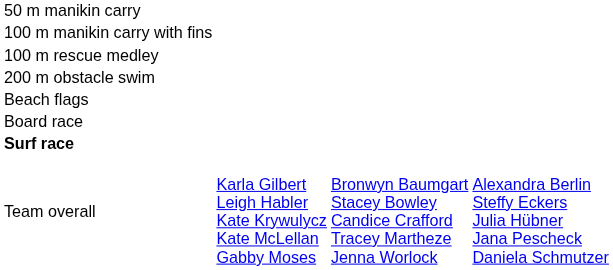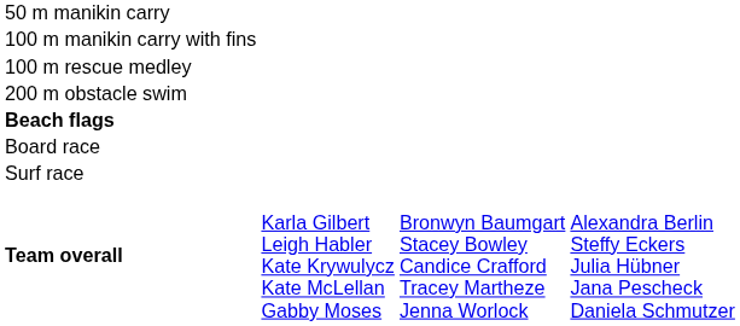 <table>
 <tr>
 <td>50 m manikin carry<br></td>
 <td></td>
 <td></td>
 <td></td>
 </tr>
 <tr>
 <td>100 m manikin carry with fins<br></td>
 <td></td>
 <td></td>
 <td></td>
 </tr>
 <tr>
 <td>100 m rescue medley<br></td>
 <td></td>
 <td></td>
 <td></td>
 </tr>
 <tr>
 <td>200 m obstacle swim<br></td>
 <td></td>
 <td></td>
 <td></td>
 </tr>
 <tr>
-<td>Beach flags<br></td>
+<td><strong>Beach flags<br></strong></td>
 <td></td>
 <td></td>
 <td></td>
 </tr>
 <tr>
 <td>Board race<br></td>
 <td></td>
 <td></td>
 <td></td>
 </tr>
 <tr>
-<td><strong>Surf race<br></strong></td>
+<td>Surf race<br></td>
 <td></td>
 <td></td>
 <td></td>
 </tr>
 <tr>
-<td>Team overall<br></td>
+<td><strong>Team overall<br></strong></td>
 <td><br><a href='#'>Karla Gilbert</a><br><a href='#'>Leigh Habler</a><br><a href='#'>Kate Krywulycz</a><br><a href='#'>Kate McLellan</a><br><a href='#'>Gabby Moses</a></td>
 <td><br><a href='#'>Bronwyn Baumgart</a><br><a href='#'>Stacey Bowley</a><br><a href='#'>Candice Crafford</a><br><a href='#'>Tracey Martheze</a><br><a href='#'>Jenna Worlock</a></td>
 <td><br><a href='#'>Alexandra Berlin</a><br><a href='#'>Steffy Eckers</a><br><a href='#'>Julia Hübner</a><br><a href='#'>Jana Pescheck</a><br><a href='#'>Daniela Schmutzer</a></td>
 </tr>
 </table>
